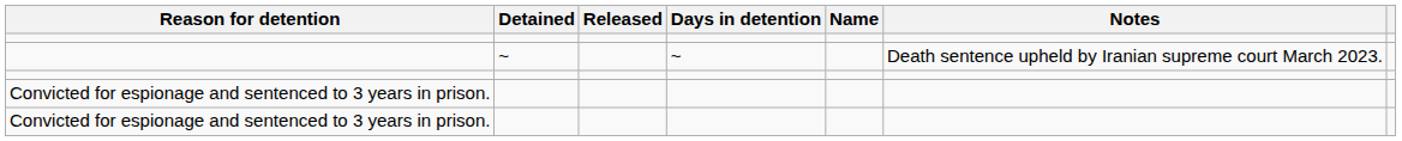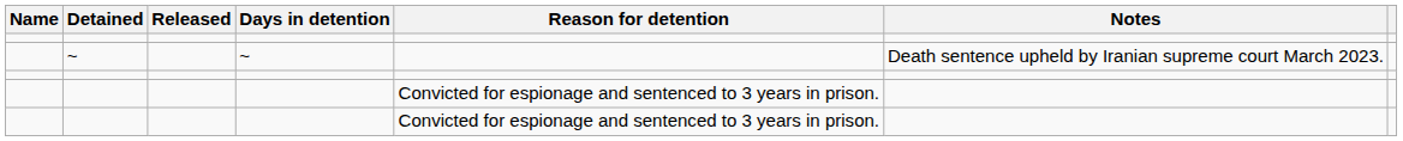 <table class="wikitable sortable">
 <tr>
-<th>Reason for detention</th>
+<th>Name</th>
 <th>Detained</th>
 <th>Released</th>
 <th>Days in detention</th>
-<th>Name</th>
+<th>Reason for detention</th>
 <th>Notes</th>
 <th class="unsortable"></th>
 </tr>
 <tr>
 <td></td>
 <td></td>
 <td></td>
 <td></td>
 <td></td>
 <td></td>
 <td align="center"></td>
 </tr>
 <tr>
 <td></td>
 <td>~</td>
 <td></td>
 <td>~</td>
 <td></td>
 <td>Death sentence upheld by Iranian supreme court March 2023.</td>
 <td></td>
 </tr>
 <tr>
 <td></td>
 <td></td>
 <td></td>
 <td></td>
 <td></td>
 <td align="center"></td>
 <td></td>
 </tr>
 <tr>
-<td>Convicted for espionage and sentenced to 3 years in prison.</td>
 <td></td>
 <td></td>
 <td></td>
 <td></td>
+<td>Convicted for espionage and sentenced to 3 years in prison.</td>
 <td></td>
 <td align="center"></td>
 </tr>
 <tr>
-<td>Convicted for espionage and sentenced to 3 years in prison.</td>
 <td></td>
 <td></td>
 <td></td>
 <td></td>
+<td>Convicted for espionage and sentenced to 3 years in prison.</td>
 <td></td>
 <td align="center"></td>
 </tr>
 </table>
